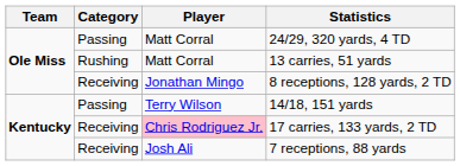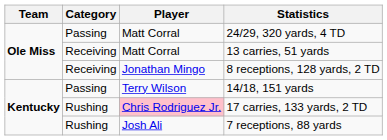 <table class="wikitable" style="float: right;">
 <tr>
 <th>Team</th>
 <th>Category</th>
 <th>Player</th>
 <th>Statistics</th>
 </tr>
 <tr>
 <td rowspan=3><strong>Ole Miss</strong></td>
 <td>Passing</td>
 <td>Matt Corral</td>
 <td>24/29, 320 yards, 4 TD</td>
 </tr>
 <tr>
-<td>Rushing</td>
+<td>Receiving</td>
 <td>Matt Corral</td>
 <td>13 carries, 51 yards</td>
 </tr>
 <tr>
 <td>Receiving</td>
 <td><a href='#'>Jonathan Mingo</a></td>
 <td>8 receptions, 128 yards, 2 TD</td>
 </tr>
 <tr>
 <td rowspan=3><strong>Kentucky</strong></td>
 <td>Passing</td>
 <td><a href='#'>Terry Wilson</a></td>
 <td>14/18, 151 yards</td>
 </tr>
 <tr>
-<td>Receiving</td>
+<td>Rushing</td>
 <td style="background: pink;"><a href='#'>Chris Rodriguez Jr.</a></td>
 <td>17 carries, 133 yards, 2 TD</td>
 </tr>
 <tr>
-<td>Receiving</td>
+<td>Rushing</td>
 <td><a href='#'>Josh Ali</a></td>
 <td>7 receptions, 88 yards</td>
 </tr>
 </table>
